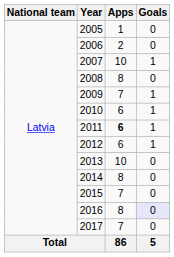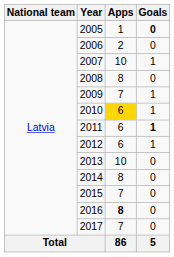 <table class="wikitable" style="text-align:center">
 <tr>
 <th>National team</th>
 <th>Year</th>
 <th>Apps</th>
 <th>Goals</th>
 </tr>
 <tr>
 <td rowspan="13"><a href='#'>Latvia</a></td>
 <td>2005</td>
 <td>1</td>
-<td>0</td>
+<td><strong>0</strong></td>
 </tr>
 <tr>
 <td>2006</td>
 <td>2</td>
 <td>0</td>
 </tr>
 <tr>
 <td>2007</td>
 <td>10</td>
 <td>1</td>
 </tr>
 <tr>
 <td>2008</td>
 <td>8</td>
 <td>0</td>
 </tr>
 <tr>
 <td>2009</td>
 <td>7</td>
 <td>1</td>
 </tr>
 <tr>
 <td>2010</td>
-<td>6</td>
+<td style="background: gold;">6</td>
 <td>1</td>
 </tr>
 <tr>
 <td>2011</td>
-<td><strong>6</strong></td>
-<td>1</td>
+<td>6</td>
+<td><strong>1</strong></td>
 </tr>
 <tr>
 <td>2012</td>
 <td>6</td>
 <td>1</td>
 </tr>
 <tr>
 <td>2013</td>
 <td>10</td>
 <td>0</td>
 </tr>
 <tr>
 <td>2014</td>
 <td>8</td>
 <td>0</td>
 </tr>
 <tr>
 <td>2015</td>
 <td>7</td>
 <td>0</td>
 </tr>
 <tr>
 <td>2016</td>
-<td>8</td>
-<td style="background: lavender;">0</td>
+<td><strong>8</strong></td>
+<td>0</td>
 </tr>
 <tr>
 <td>2017</td>
 <td>7</td>
 <td>0</td>
 </tr>
 <tr>
 <th colspan="2">Total</th>
 <th>86</th>
 <th>5</th>
 </tr>
 </table>
